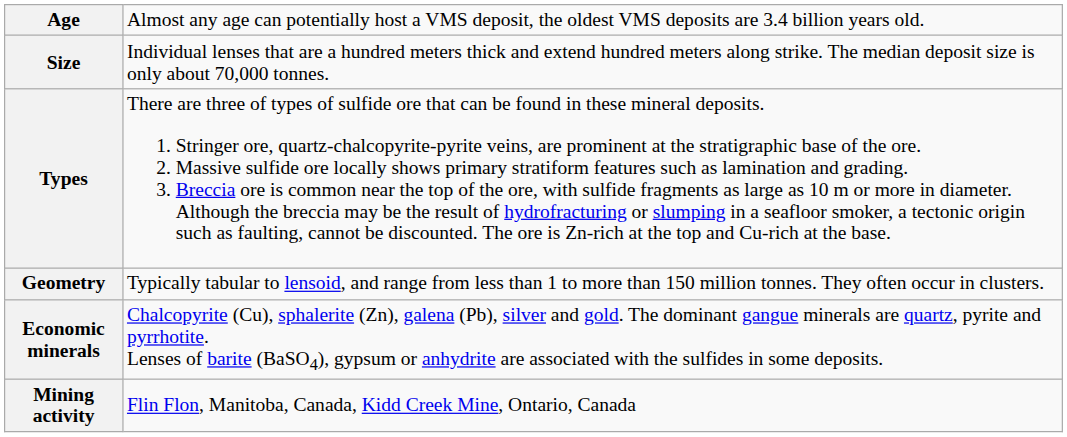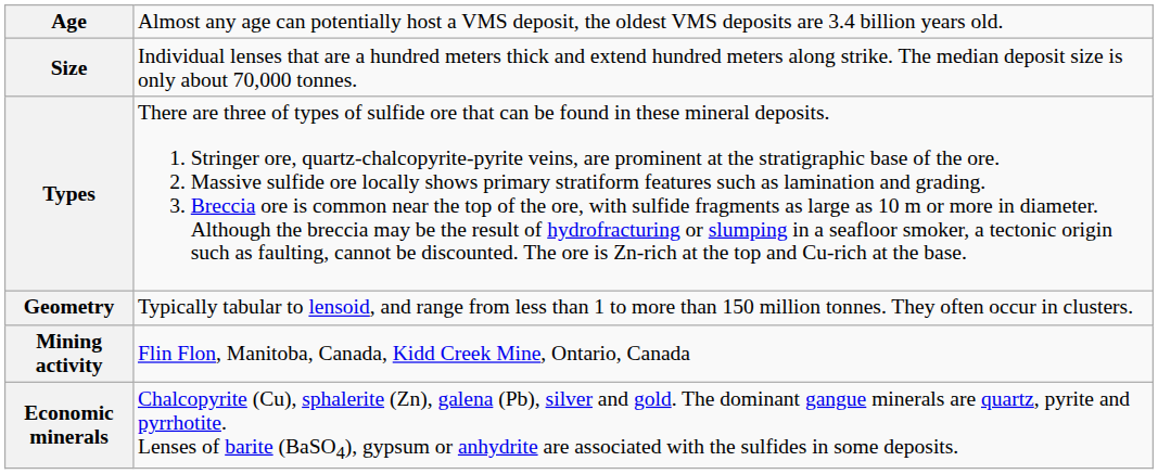 <table class="wikitable">
 <tr>
 <th>Age</th>
 <td>Almost any age can potentially host a VMS deposit, the oldest VMS deposits are 3.4 billion years old.</td>
 </tr>
 <tr>
 <th>Size</th>
 <td>Individual lenses that are a hundred meters thick and extend hundred meters along strike. The median deposit size is only about 70,000 tonnes.</td>
 </tr>
 <tr>
 <th>Types</th>
 <td>There are three of types of sulfide ore that can be found in these mineral deposits.<br><ol><li>Stringer ore, quartz-chalcopyrite-pyrite veins, are prominent at the stratigraphic base of the ore.</li><li>Massive sulfide ore locally shows primary stratiform features such as lamination and grading.</li><li><a href='#'>Breccia</a> ore is common near the top of the ore, with sulfide fragments as large as 10 m or more in diameter.  Although the breccia may be the result of <a href='#'>hydrofracturing</a>  or <a href='#'>slumping</a> in a seafloor smoker, a tectonic origin such as faulting, cannot be discounted. The ore is Zn-rich at the top and Cu-rich at the base.</li></ol></td>
 </tr>
 <tr>
 <th>Geometry</th>
 <td>Typically tabular to <a href='#'>lensoid</a>, and range from less than 1 to more than 150 million tonnes. They often occur in clusters.</td>
 </tr>
 <tr>
+<th>Mining activity</th>
+<td><a href='#'>Flin Flon</a>, Manitoba, Canada, <a href='#'>Kidd Creek Mine</a>, Ontario, Canada</td>
+</tr>
+<tr>
 <th>Economic minerals</th>
 <td><a href='#'>Chalcopyrite</a> (Cu), <a href='#'>sphalerite</a> (Zn), <a href='#'>galena</a> (Pb), <a href='#'>silver</a> and <a href='#'>gold</a>. The dominant <a href='#'>gangue</a> minerals are <a href='#'>quartz</a>, pyrite and <a href='#'>pyrrhotite</a>.<br>Lenses of <a href='#'>barite</a> (BaSO<sub>4</sub>), gypsum or <a href='#'>anhydrite</a> are associated with the sulfides in some deposits.</td>
 </tr>
-<tr>
-<th>Mining activity</th>
-<td><a href='#'>Flin Flon</a>, Manitoba, Canada, <a href='#'>Kidd Creek Mine</a>, Ontario, Canada</td>
-</tr>
 </table>
